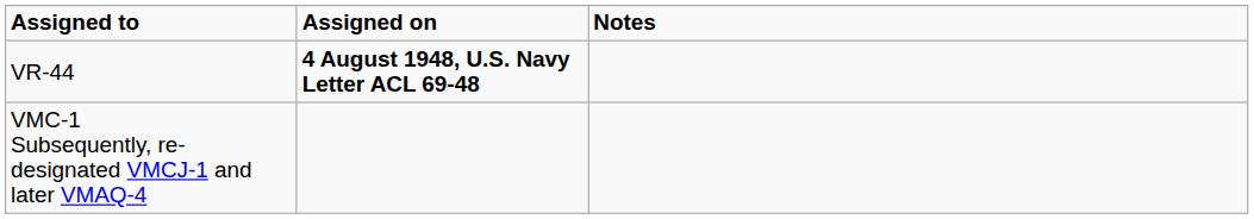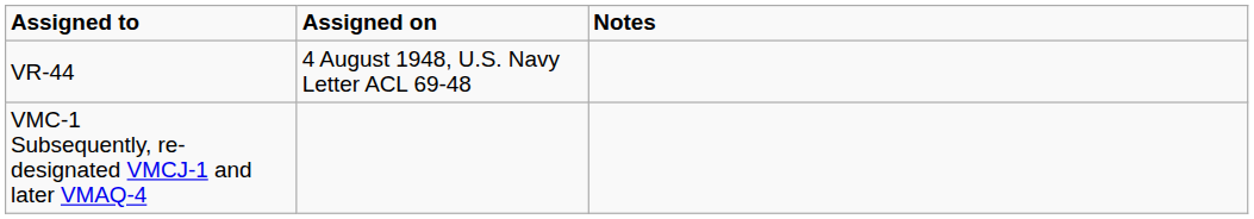 <table class="wikitable" style="width: 70%;">
 <tr>
 <td style="width: 200px;"><strong>Assigned to</strong></td>
 <td style="width: 200px;"><strong>Assigned on</strong></td>
 <td><strong>Notes</strong></td>
 </tr>
 <tr>
 <td>VR-44</td>
-<td><strong>4 August 1948, U.S. Navy Letter ACL 69-48</strong></td>
+<td>4 August 1948, U.S. Navy Letter ACL 69-48</td>
 <td></td>
 </tr>
 <tr>
 <td>VMC-1<br>Subsequently, re-designated <a href='#'>VMCJ-1</a> and later <a href='#'>VMAQ-4</a></td>
 <td></td>
 </tr>
 </table>
